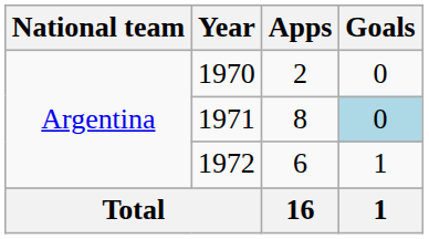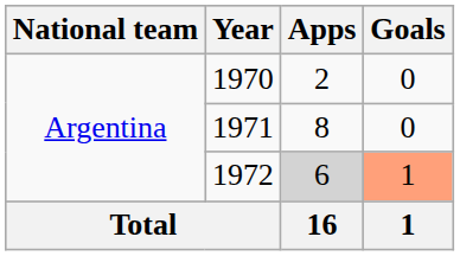 <table class="wikitable" style="text-align:center">
 <tr>
 <th>National team</th>
 <th>Year</th>
 <th>Apps</th>
 <th>Goals</th>
 </tr>
 <tr>
 <td rowspan="3"><a href='#'>Argentina</a></td>
 <td>1970</td>
 <td>2</td>
 <td>0</td>
 </tr>
 <tr>
 <td>1971</td>
 <td>8</td>
-<td style="background: lightblue;">0</td>
+<td>0</td>
 </tr>
 <tr>
 <td>1972</td>
-<td>6</td>
-<td>1</td>
+<td style="background: lightgrey;">6</td>
+<td style="background: lightsalmon;">1</td>
 </tr>
 <tr>
 <th colspan="2">Total</th>
 <th>16</th>
 <th>1</th>
 </tr>
 </table>
